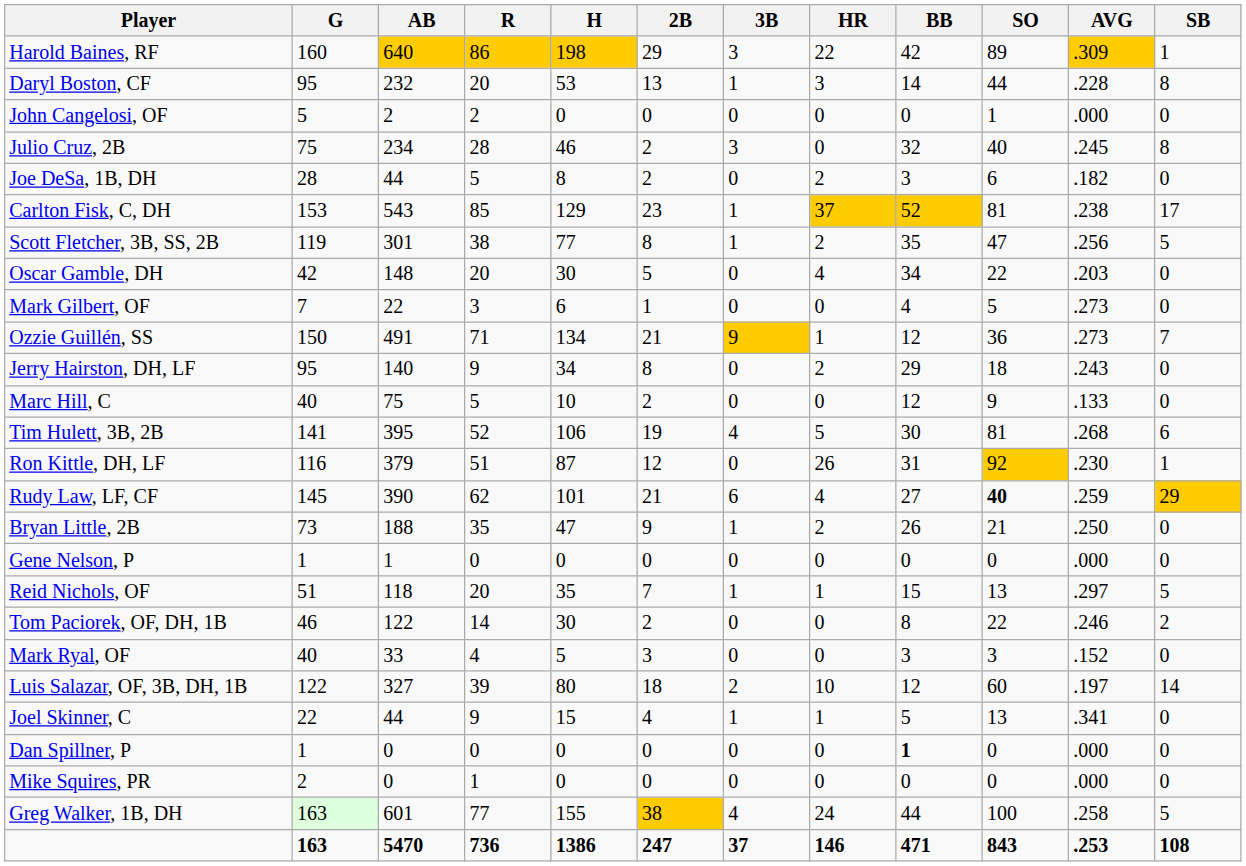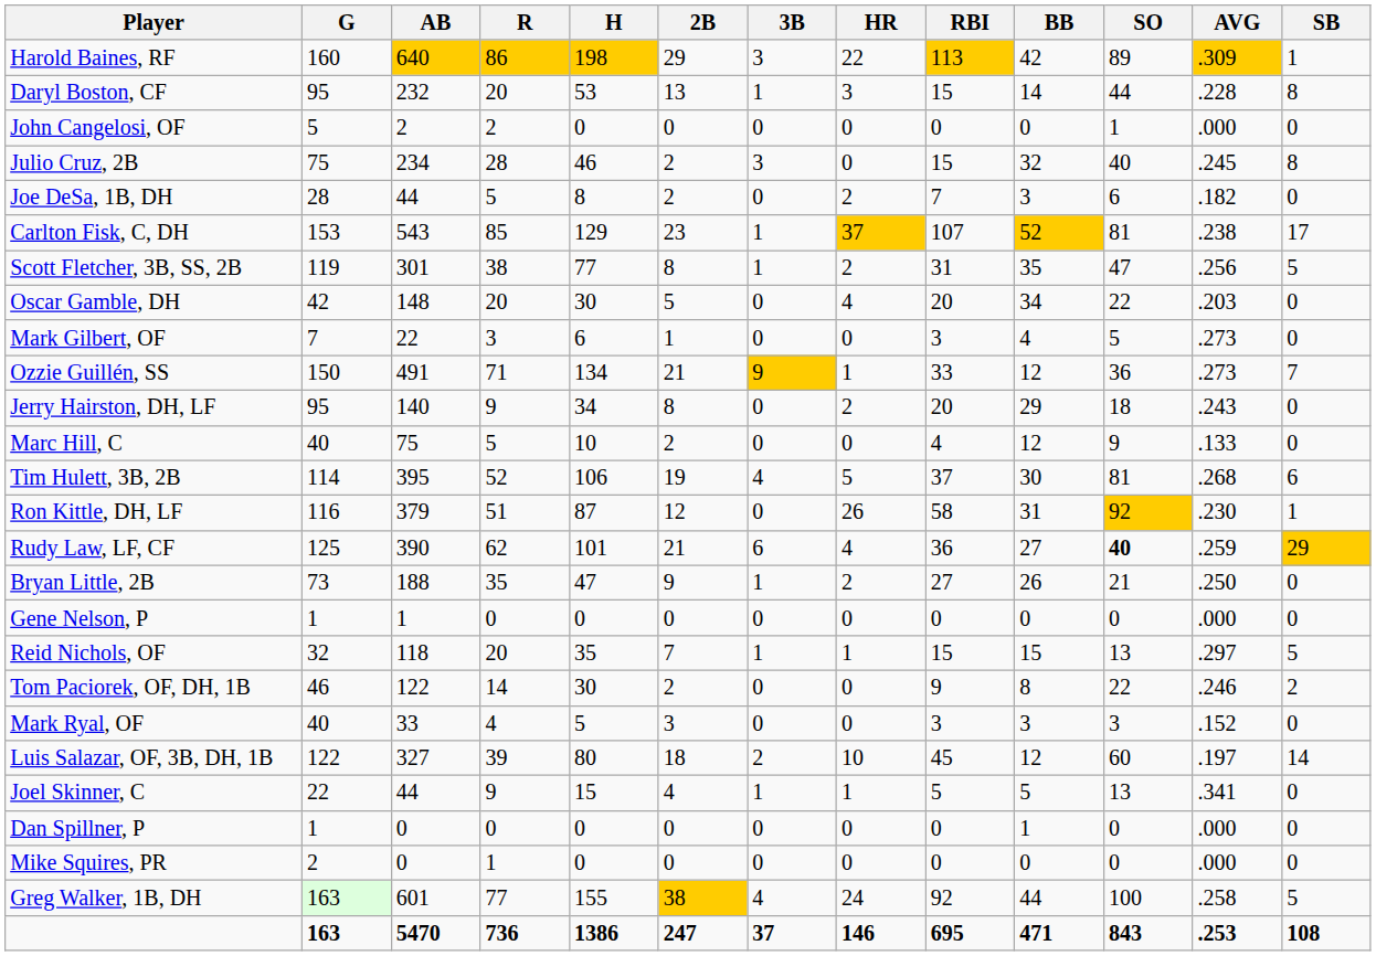 <table class="wikitable sortable">
 <tr>
 <th bgcolor="#DDDDFF" width="20%">Player</th>
 <th bgcolor="#DDDDFF" width="6%">G</th>
 <th bgcolor="#DDDDFF" width="6%">AB</th>
 <th bgcolor="#DDDDFF" width="6%">R</th>
 <th bgcolor="#DDDDFF" width="6%">H</th>
 <th bgcolor="#DDDDFF" width="6%">2B</th>
 <th bgcolor="#DDDDFF" width="6%">3B</th>
 <th bgcolor="#DDDDFF" width="6%">HR</th>
+<th bgcolor="#DDDDFF" width="6%">RBI</th>
 <th bgcolor="#DDDDFF" width="6%">BB</th>
 <th bgcolor="#DDDDFF" width="6%">SO</th>
 <th bgcolor="#DDDDFF" width="6%">AVG</th>
 <th bgcolor="#DDDDFF" width="6%">SB</th>
 </tr>
 <tr>
 <td><a href='#'>Harold Baines</a>, RF</td>
 <td>160</td>
 <td style="background:#fc0;">640</td>
 <td style="background:#fc0;">86</td>
 <td style="background:#fc0;">198</td>
 <td>29</td>
 <td>3</td>
 <td>22</td>
+<td style="background:#fc0;">113</td>
 <td>42</td>
 <td>89</td>
 <td style="background:#fc0;">.309</td>
 <td>1</td>
 </tr>
 <tr>
 <td><a href='#'>Daryl Boston</a>, CF</td>
 <td>95</td>
 <td>232</td>
 <td>20</td>
 <td>53</td>
 <td>13</td>
 <td>1</td>
 <td>3</td>
+<td>15</td>
 <td>14</td>
 <td>44</td>
 <td>.228</td>
 <td>8</td>
 </tr>
 <tr>
 <td><a href='#'>John Cangelosi</a>, OF</td>
 <td>5</td>
 <td>2</td>
 <td>2</td>
+<td>0</td>
 <td>0</td>
 <td>0</td>
 <td>0</td>
 <td>0</td>
 <td>0</td>
 <td>1</td>
 <td>.000</td>
 <td>0</td>
 </tr>
 <tr>
 <td><a href='#'>Julio Cruz</a>, 2B</td>
 <td>75</td>
 <td>234</td>
 <td>28</td>
 <td>46</td>
 <td>2</td>
 <td>3</td>
 <td>0</td>
+<td>15</td>
 <td>32</td>
 <td>40</td>
 <td>.245</td>
 <td>8</td>
 </tr>
 <tr>
 <td><a href='#'>Joe DeSa</a>, 1B, DH</td>
 <td>28</td>
 <td>44</td>
 <td>5</td>
 <td>8</td>
 <td>2</td>
 <td>0</td>
 <td>2</td>
+<td>7</td>
 <td>3</td>
 <td>6</td>
 <td>.182</td>
 <td>0</td>
 </tr>
 <tr>
 <td><a href='#'>Carlton Fisk</a>, C, DH</td>
 <td>153</td>
 <td>543</td>
 <td>85</td>
 <td>129</td>
 <td>23</td>
 <td>1</td>
 <td style="background:#fc0;">37</td>
+<td>107</td>
 <td style="background:#fc0;">52</td>
 <td>81</td>
 <td>.238</td>
 <td>17</td>
 </tr>
 <tr>
 <td><a href='#'>Scott Fletcher</a>, 3B, SS, 2B</td>
 <td>119</td>
 <td>301</td>
 <td>38</td>
 <td>77</td>
 <td>8</td>
 <td>1</td>
 <td>2</td>
+<td>31</td>
 <td>35</td>
 <td>47</td>
 <td>.256</td>
 <td>5</td>
 </tr>
 <tr>
 <td><a href='#'>Oscar Gamble</a>, DH</td>
 <td>42</td>
 <td>148</td>
 <td>20</td>
 <td>30</td>
 <td>5</td>
 <td>0</td>
 <td>4</td>
+<td>20</td>
 <td>34</td>
 <td>22</td>
 <td>.203</td>
 <td>0</td>
 </tr>
 <tr>
 <td><a href='#'>Mark Gilbert</a>, OF</td>
 <td>7</td>
 <td>22</td>
 <td>3</td>
 <td>6</td>
 <td>1</td>
 <td>0</td>
 <td>0</td>
+<td>3</td>
 <td>4</td>
 <td>5</td>
 <td>.273</td>
 <td>0</td>
 </tr>
 <tr>
 <td><a href='#'>Ozzie Guillén</a>, SS</td>
 <td>150</td>
 <td>491</td>
 <td>71</td>
 <td>134</td>
 <td>21</td>
 <td style="background:#fc0;">9</td>
 <td>1</td>
+<td>33</td>
 <td>12</td>
 <td>36</td>
 <td>.273</td>
 <td>7</td>
 </tr>
 <tr>
 <td><a href='#'>Jerry Hairston</a>, DH, LF</td>
 <td>95</td>
 <td>140</td>
 <td>9</td>
 <td>34</td>
 <td>8</td>
 <td>0</td>
 <td>2</td>
+<td>20</td>
 <td>29</td>
 <td>18</td>
 <td>.243</td>
 <td>0</td>
 </tr>
 <tr>
 <td><a href='#'>Marc Hill</a>, C</td>
 <td>40</td>
 <td>75</td>
 <td>5</td>
 <td>10</td>
 <td>2</td>
 <td>0</td>
 <td>0</td>
+<td>4</td>
 <td>12</td>
 <td>9</td>
 <td>.133</td>
 <td>0</td>
 </tr>
 <tr>
 <td><a href='#'>Tim Hulett</a>, 3B, 2B</td>
-<td>141</td>
+<td>114</td>
 <td>395</td>
 <td>52</td>
 <td>106</td>
 <td>19</td>
 <td>4</td>
 <td>5</td>
+<td>37</td>
 <td>30</td>
 <td>81</td>
 <td>.268</td>
 <td>6</td>
 </tr>
 <tr>
 <td><a href='#'>Ron Kittle</a>, DH, LF</td>
 <td>116</td>
 <td>379</td>
 <td>51</td>
 <td>87</td>
 <td>12</td>
 <td>0</td>
 <td>26</td>
+<td>58</td>
 <td>31</td>
 <td style="background:#fc0;">92</td>
 <td>.230</td>
 <td>1</td>
 </tr>
 <tr>
 <td><a href='#'>Rudy Law</a>, LF, CF</td>
-<td>145</td>
+<td>125</td>
 <td>390</td>
 <td>62</td>
 <td>101</td>
 <td>21</td>
 <td>6</td>
 <td>4</td>
+<td>36</td>
 <td>27</td>
 <td><strong>40</strong></td>
 <td>.259</td>
 <td style="background:#fc0;">29</td>
 </tr>
 <tr>
 <td><a href='#'>Bryan Little</a>, 2B</td>
 <td>73</td>
 <td>188</td>
 <td>35</td>
 <td>47</td>
 <td>9</td>
 <td>1</td>
 <td>2</td>
+<td>27</td>
 <td>26</td>
 <td>21</td>
 <td>.250</td>
 <td>0</td>
 </tr>
 <tr>
 <td><a href='#'>Gene Nelson</a>, P</td>
 <td>1</td>
 <td>1</td>
 <td>0</td>
 <td>0</td>
 <td>0</td>
 <td>0</td>
 <td>0</td>
 <td>0</td>
 <td>0</td>
+<td>0</td>
 <td>.000</td>
 <td>0</td>
 </tr>
 <tr>
 <td><a href='#'>Reid Nichols</a>, OF</td>
-<td>51</td>
+<td>32</td>
 <td>118</td>
 <td>20</td>
 <td>35</td>
 <td>7</td>
 <td>1</td>
 <td>1</td>
+<td>15</td>
 <td>15</td>
 <td>13</td>
 <td>.297</td>
 <td>5</td>
 </tr>
 <tr>
 <td><a href='#'>Tom Paciorek</a>, OF, DH, 1B</td>
 <td>46</td>
 <td>122</td>
 <td>14</td>
 <td>30</td>
 <td>2</td>
 <td>0</td>
 <td>0</td>
+<td>9</td>
 <td>8</td>
 <td>22</td>
 <td>.246</td>
 <td>2</td>
 </tr>
 <tr>
 <td><a href='#'>Mark Ryal</a>, OF</td>
 <td>40</td>
 <td>33</td>
 <td>4</td>
 <td>5</td>
 <td>3</td>
 <td>0</td>
 <td>0</td>
 <td>3</td>
 <td>3</td>
+<td>3</td>
 <td>.152</td>
 <td>0</td>
 </tr>
 <tr>
 <td><a href='#'>Luis Salazar</a>, OF, 3B, DH, 1B</td>
 <td>122</td>
 <td>327</td>
 <td>39</td>
 <td>80</td>
 <td>18</td>
 <td>2</td>
 <td>10</td>
+<td>45</td>
 <td>12</td>
 <td>60</td>
 <td>.197</td>
 <td>14</td>
 </tr>
 <tr>
 <td><a href='#'>Joel Skinner</a>, C</td>
 <td>22</td>
 <td>44</td>
 <td>9</td>
 <td>15</td>
 <td>4</td>
 <td>1</td>
 <td>1</td>
 <td>5</td>
+<td>5</td>
 <td>13</td>
 <td>.341</td>
 <td>0</td>
 </tr>
 <tr>
 <td><a href='#'>Dan Spillner</a>, P</td>
 <td>1</td>
 <td>0</td>
 <td>0</td>
 <td>0</td>
 <td>0</td>
 <td>0</td>
 <td>0</td>
-<td><strong>1</strong></td>
+<td>0</td>
+<td>1</td>
 <td>0</td>
 <td>.000</td>
 <td>0</td>
 </tr>
 <tr>
 <td><a href='#'>Mike Squires</a>, PR</td>
 <td>2</td>
 <td>0</td>
 <td>1</td>
+<td>0</td>
 <td>0</td>
 <td>0</td>
 <td>0</td>
 <td>0</td>
 <td>0</td>
 <td>0</td>
 <td>.000</td>
 <td>0</td>
 </tr>
 <tr>
 <td><a href='#'>Greg Walker</a>, 1B, DH</td>
 <td style="background:#DDFFDD;">163</td>
 <td>601</td>
 <td>77</td>
 <td>155</td>
 <td style="background:#fc0;">38</td>
 <td>4</td>
 <td>24</td>
+<td>92</td>
 <td>44</td>
 <td>100</td>
 <td>.258</td>
 <td>5</td>
 </tr>
 <tr class="sortbottom">
 <td></td>
 <td><strong>163</strong></td>
 <td><strong>5470</strong></td>
 <td><strong>736</strong></td>
 <td><strong>1386</strong></td>
 <td><strong>247</strong></td>
 <td><strong>37</strong></td>
 <td><strong>146</strong></td>
+<td><strong>695</strong></td>
 <td><strong>471</strong></td>
 <td><strong>843</strong></td>
 <td><strong>.253</strong></td>
 <td><strong>108</strong></td>
 </tr>
 </table>
